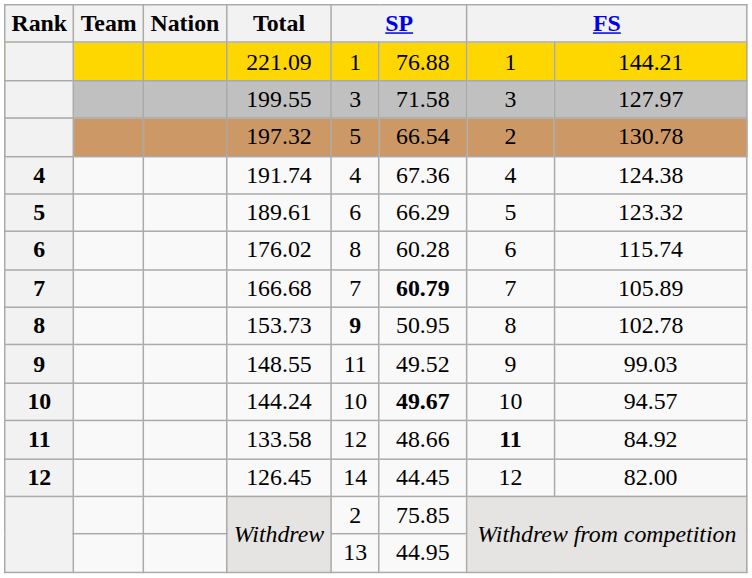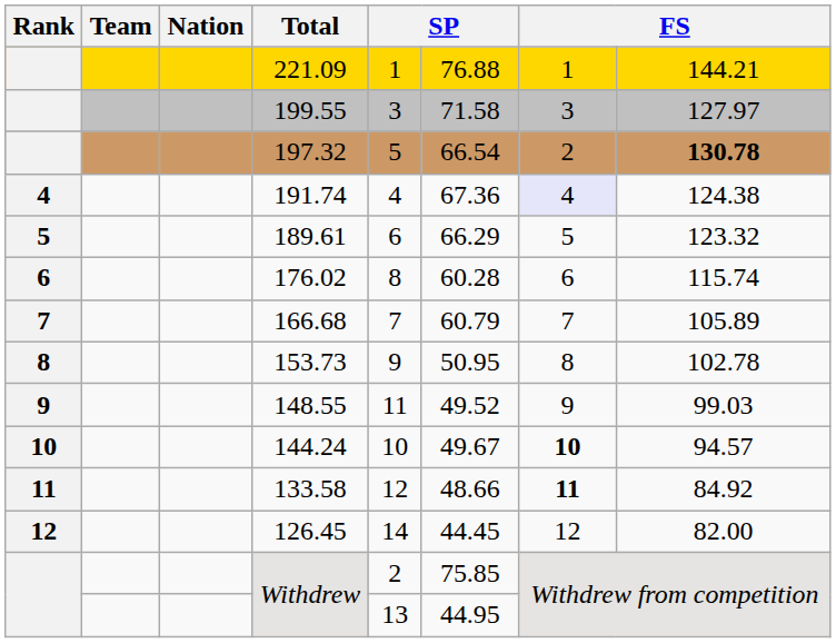 <table class="wikitable sortable" style="text-align:center; width:80%">
 <tr>
 <th scope="col">Rank</th>
 <th scope="col">Team</th>
 <th scope="col">Nation</th>
 <th scope="col">Total</th>
 <th colspan="2" width="80px"><a href='#'>SP</a></th>
 <th colspan="2" width="80px"><a href='#'>FS</a></th>
 </tr>
 <tr bgcolor="gold">
 <th scope="row"></th>
 <td align="left"></td>
 <td align="left"></td>
 <td align="center">221.09</td>
 <td align="center">1</td>
 <td align="center">76.88</td>
 <td align="center">1</td>
 <td align="center">144.21</td>
 </tr>
 <tr bgcolor="silver">
 <th scope="row"></th>
 <td align="left"></td>
 <td align="left"></td>
 <td align="center">199.55</td>
 <td align="center">3</td>
 <td align="center">71.58</td>
 <td align="center">3</td>
 <td align="center">127.97</td>
 </tr>
 <tr bgcolor="#cc9966">
 <th scope="row"></th>
 <td align="left"></td>
 <td align="left"></td>
 <td align="center">197.32</td>
 <td align="center">5</td>
 <td align="center">66.54</td>
 <td align="center">2</td>
-<td align="center">130.78</td>
+<td align="center"><strong>130.78</strong></td>
 </tr>
 <tr>
 <th scope="row">4</th>
 <td align="left"></td>
 <td align="left"></td>
 <td align="center">191.74</td>
 <td align="center">4</td>
 <td align="center">67.36</td>
-<td align="center">4</td>
+<td align="center" style="background: lavender;">4</td>
 <td align="center">124.38</td>
 </tr>
 <tr>
 <th scope="row">5</th>
 <td align="left"></td>
 <td align="left"></td>
 <td align="center">189.61</td>
 <td align="center">6</td>
 <td align="center">66.29</td>
 <td align="center">5</td>
 <td align="center">123.32</td>
 </tr>
 <tr>
 <th scope="row">6</th>
 <td align="left"></td>
 <td align="left"></td>
 <td align="center">176.02</td>
 <td align="center">8</td>
 <td align="center">60.28</td>
 <td align="center">6</td>
 <td align="center">115.74</td>
 </tr>
 <tr>
 <th scope="row">7</th>
 <td align="left"></td>
 <td align="left"></td>
 <td align="center">166.68</td>
 <td align="center">7</td>
-<td align="center"><strong>60.79</strong></td>
+<td align="center">60.79</td>
 <td align="center">7</td>
 <td align="center">105.89</td>
 </tr>
 <tr>
 <th scope="row">8</th>
 <td align="left"></td>
 <td align="left"></td>
 <td align="center">153.73</td>
-<td align="center"><strong>9</strong></td>
+<td align="center">9</td>
 <td align="center">50.95</td>
 <td align="center">8</td>
 <td align="center">102.78</td>
 </tr>
 <tr>
 <th scope="row">9</th>
 <td align="left"></td>
 <td align="left"></td>
 <td align="center">148.55</td>
 <td align="center">11</td>
 <td align="center">49.52</td>
 <td align="center">9</td>
 <td align="center">99.03</td>
 </tr>
 <tr>
 <th scope="row">10</th>
 <td align="left"></td>
 <td align="left"></td>
 <td align="center">144.24</td>
 <td align="center">10</td>
-<td align="center"><strong>49.67</strong></td>
-<td align="center">10</td>
+<td align="center">49.67</td>
+<td align="center"><strong>10</strong></td>
 <td align="center">94.57</td>
 </tr>
 <tr>
 <th scope="row">11</th>
 <td align="left"></td>
 <td align="left"></td>
 <td align="center">133.58</td>
 <td align="center">12</td>
 <td align="center">48.66</td>
 <td align="center"><strong>11</strong></td>
 <td align="center">84.92</td>
 </tr>
 <tr>
 <th scope="row">12</th>
 <td align="left"></td>
 <td align="left"></td>
 <td align="center">126.45</td>
 <td align="center">14</td>
 <td align="center">44.45</td>
 <td align="center">12</td>
 <td align="center">82.00</td>
 </tr>
 <tr>
 <th scope="row" rowspan="2"></th>
 <td align="left"></td>
 <td align="left"></td>
 <td rowspan="2" bgcolor="e5e4e2" align="center"><em>Withdrew</em></td>
 <td align="center">2</td>
 <td align="center">75.85</td>
 <td rowspan="2" colspan=2 bgcolor="e5e4e2" align="center"><em>Withdrew from competition</em></td>
 </tr>
 <tr>
 <td align="left"></td>
 <td align="left"></td>
 <td align="center">13</td>
 <td align="center">44.95</td>
 </tr>
 </table>
